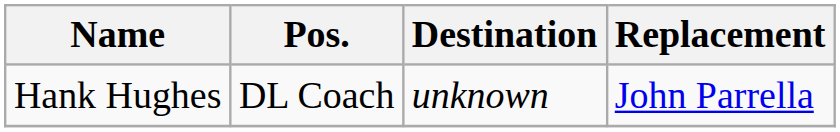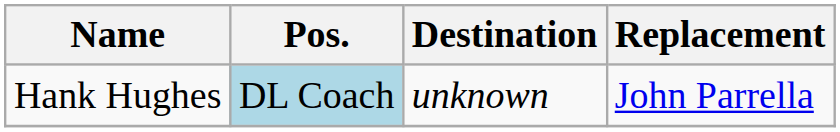 <table class="wikitable sortable">
 <tr>
 <th>Name</th>
 <th>Pos.</th>
 <th class="unsortable">Destination</th>
 <th class="unsortable">Replacement</th>
 </tr>
 <tr>
 <td>Hank Hughes</td>
-<td>DL Coach</td>
+<td style="background: lightblue;">DL Coach</td>
 <td><em>unknown</em></td>
 <td><a href='#'>John Parrella</a></td>
 </tr>
 <tr>
 </tr>
 </table>
